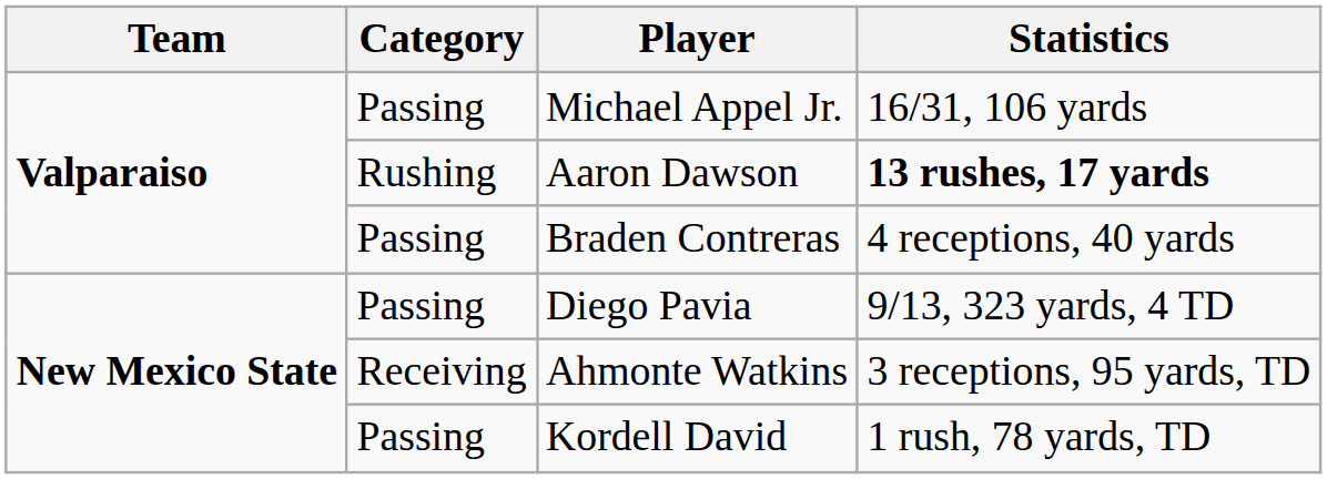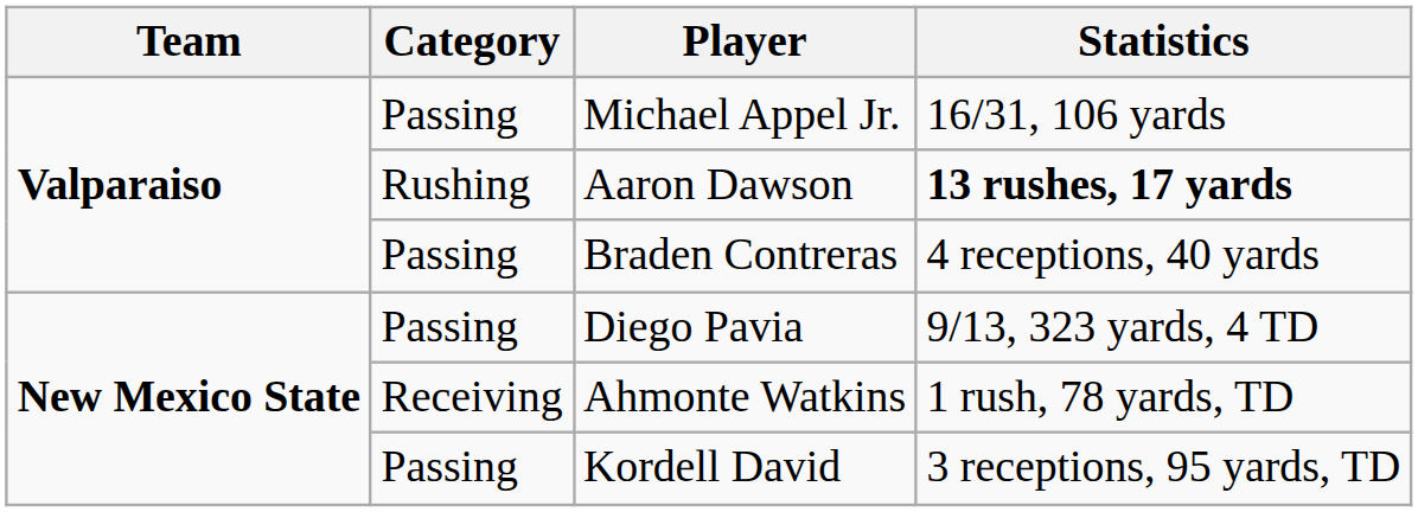 <table class="wikitable" style="float: right;">
 <tr>
 <th>Team</th>
 <th>Category</th>
 <th>Player</th>
 <th>Statistics</th>
 </tr>
 <tr>
 <td rowspan=3><strong>Valparaiso</strong></td>
 <td>Passing</td>
 <td>Michael Appel Jr.</td>
 <td>16/31, 106 yards</td>
 </tr>
 <tr>
 <td>Rushing</td>
 <td>Aaron Dawson</td>
 <td><strong>13 rushes, 17 yards</strong></td>
 </tr>
 <tr>
 <td>Passing</td>
 <td>Braden Contreras</td>
 <td>4 receptions, 40 yards</td>
 </tr>
 <tr>
 <td rowspan=3><strong>New Mexico State</strong></td>
 <td>Passing</td>
 <td>Diego Pavia</td>
 <td>9/13, 323 yards, 4 TD</td>
 </tr>
 <tr>
 <td>Receiving</td>
 <td>Ahmonte Watkins</td>
-<td>3 receptions, 95 yards, TD</td>
+<td>1 rush, 78 yards, TD</td>
 </tr>
 <tr>
 <td>Passing</td>
 <td>Kordell David</td>
-<td>1 rush, 78 yards, TD</td>
+<td>3 receptions, 95 yards, TD</td>
 </tr>
 </table>
